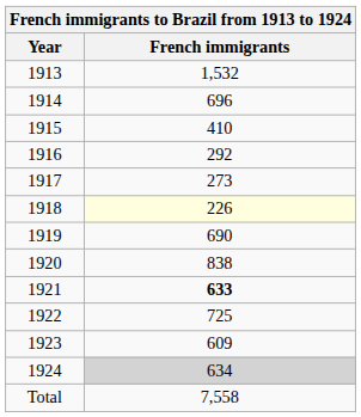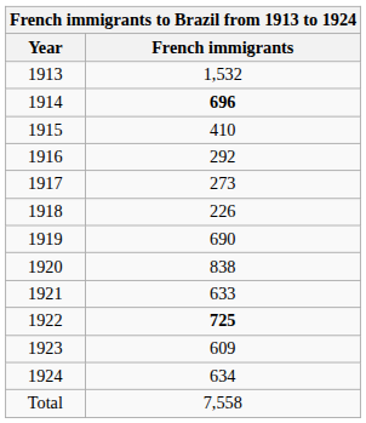 <table class="wikitable" style="text-align:center; float:right; margin:10px;">
 <tr>
 <th colspan=5>French immigrants to Brazil from 1913 to 1924</th>
 </tr>
 <tr>
 <th>Year</th>
 <th>French immigrants</th>
 </tr>
 <tr>
 <td>1913</td>
 <td>1,532</td>
 </tr>
 <tr>
 <td>1914</td>
-<td>696</td>
+<td><strong>696</strong></td>
 </tr>
 <tr>
 <td>1915</td>
 <td>410</td>
 </tr>
 <tr>
 <td>1916</td>
 <td>292</td>
 </tr>
 <tr>
 <td>1917</td>
 <td>273</td>
 </tr>
 <tr>
 <td>1918</td>
-<td style="background: lightyellow;">226</td>
+<td>226</td>
 </tr>
 <tr>
 <td>1919</td>
 <td>690</td>
 </tr>
 <tr>
 <td>1920</td>
 <td>838</td>
 </tr>
 <tr>
 <td>1921</td>
-<td><strong>633</strong></td>
+<td>633</td>
 </tr>
 <tr>
 <td>1922</td>
-<td>725</td>
+<td><strong>725</strong></td>
 </tr>
 <tr>
 <td>1923</td>
 <td>609</td>
 </tr>
 <tr>
 <td>1924</td>
-<td style="background: lightgrey;">634</td>
+<td>634</td>
 </tr>
 <tr>
 <td>Total</td>
 <td>7,558</td>
 </tr>
 </table>
